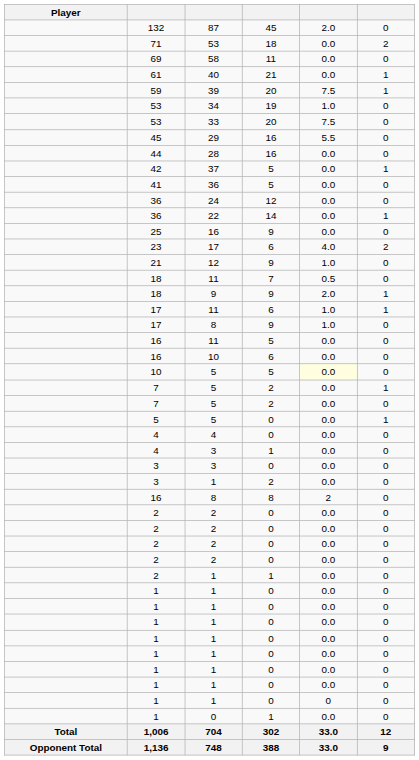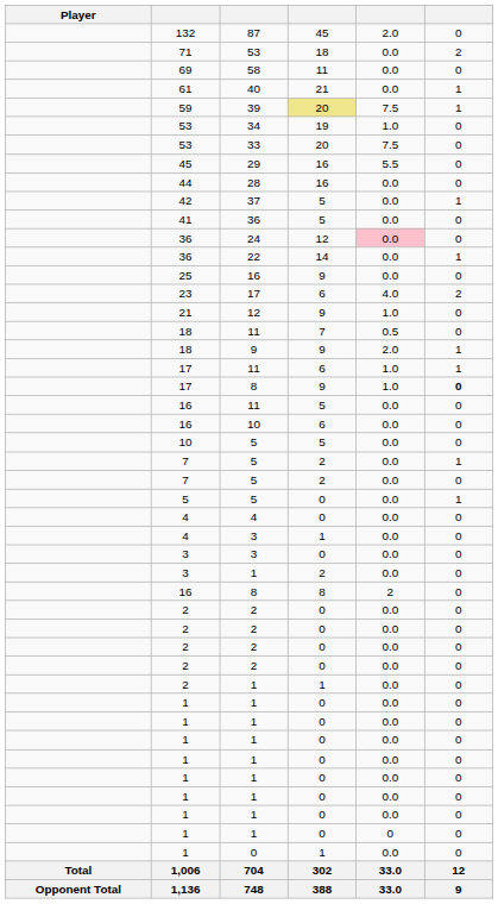 <table class="wikitable sortable" style="text-align:center; width:50%; font-size:95%;">
 <tr>
 <th width="30%">Player</th>
 <th width="14%"></th>
 <th width="14%"></th>
 <th width="14%"></th>
 <th width="14%"></th>
 <th width="14%"></th>
 </tr>
 <tr>
 <td align=left></td>
 <td>132</td>
 <td>87</td>
 <td>45</td>
 <td>2.0</td>
 <td>0</td>
 </tr>
 <tr>
 <td align=left></td>
 <td>71</td>
 <td>53</td>
 <td>18</td>
 <td>0.0</td>
 <td>2</td>
 </tr>
 <tr>
 <td align=left></td>
 <td>69</td>
 <td>58</td>
 <td>11</td>
 <td>0.0</td>
 <td>0</td>
 </tr>
 <tr>
 <td align=left></td>
 <td>61</td>
 <td>40</td>
 <td>21</td>
 <td>0.0</td>
 <td>1</td>
 </tr>
 <tr>
 <td align=left></td>
 <td>59</td>
 <td>39</td>
-<td>20</td>
+<td style="background: khaki;">20</td>
 <td>7.5</td>
 <td>1</td>
 </tr>
 <tr>
 <td align=left></td>
 <td>53</td>
 <td>34</td>
 <td>19</td>
 <td>1.0</td>
 <td>0</td>
 </tr>
 <tr>
 <td align=left></td>
 <td>53</td>
 <td>33</td>
 <td>20</td>
 <td>7.5</td>
 <td>0</td>
 </tr>
 <tr>
 <td align=left></td>
 <td>45</td>
 <td>29</td>
 <td>16</td>
 <td>5.5</td>
 <td>0</td>
 </tr>
 <tr>
 <td align=left></td>
 <td>44</td>
 <td>28</td>
 <td>16</td>
 <td>0.0</td>
 <td>0</td>
 </tr>
 <tr>
 <td align=left></td>
 <td>42</td>
 <td>37</td>
 <td>5</td>
 <td>0.0</td>
 <td>1</td>
 </tr>
 <tr>
 <td align=left></td>
 <td>41</td>
 <td>36</td>
 <td>5</td>
 <td>0.0</td>
 <td>0</td>
 </tr>
 <tr>
 <td align=left></td>
 <td>36</td>
 <td>24</td>
 <td>12</td>
-<td>0.0</td>
+<td style="background: pink;">0.0</td>
 <td>0</td>
 </tr>
 <tr>
 <td align=left></td>
 <td>36</td>
 <td>22</td>
 <td>14</td>
 <td>0.0</td>
 <td>1</td>
 </tr>
 <tr>
 <td align=left></td>
 <td>25</td>
 <td>16</td>
 <td>9</td>
 <td>0.0</td>
 <td>0</td>
 </tr>
 <tr>
 <td align=left></td>
 <td>23</td>
 <td>17</td>
 <td>6</td>
 <td>4.0</td>
 <td>2</td>
 </tr>
 <tr>
 <td align=left></td>
 <td>21</td>
 <td>12</td>
 <td>9</td>
 <td>1.0</td>
 <td>0</td>
 </tr>
 <tr>
 <td align=left></td>
 <td>18</td>
 <td>11</td>
 <td>7</td>
 <td>0.5</td>
 <td>0</td>
 </tr>
 <tr>
 <td align=left></td>
 <td>18</td>
 <td>9</td>
 <td>9</td>
 <td>2.0</td>
 <td>1</td>
 </tr>
 <tr>
 <td align=left></td>
 <td>17</td>
 <td>11</td>
 <td>6</td>
 <td>1.0</td>
 <td>1</td>
 </tr>
 <tr>
 <td align=left></td>
 <td>17</td>
 <td>8</td>
 <td>9</td>
 <td>1.0</td>
-<td>0</td>
+<td><strong>0</strong></td>
 </tr>
 <tr>
 <td align=left></td>
 <td>16</td>
 <td>11</td>
 <td>5</td>
 <td>0.0</td>
 <td>0</td>
 </tr>
 <tr>
 <td align=left></td>
 <td>16</td>
 <td>10</td>
 <td>6</td>
 <td>0.0</td>
 <td>0</td>
 </tr>
 <tr>
 <td align=left></td>
 <td>10</td>
 <td>5</td>
 <td>5</td>
-<td style="background: lightyellow;">0.0</td>
+<td>0.0</td>
 <td>0</td>
 </tr>
 <tr>
 <td align=left></td>
 <td>7</td>
 <td>5</td>
 <td>2</td>
 <td>0.0</td>
 <td>1</td>
 </tr>
 <tr>
 <td align=left></td>
 <td>7</td>
 <td>5</td>
 <td>2</td>
 <td>0.0</td>
 <td>0</td>
 </tr>
 <tr>
 <td align=left></td>
 <td>5</td>
 <td>5</td>
 <td>0</td>
 <td>0.0</td>
 <td>1</td>
 </tr>
 <tr>
 <td align=left></td>
 <td>4</td>
 <td>4</td>
 <td>0</td>
 <td>0.0</td>
 <td>0</td>
 </tr>
 <tr>
 <td align=left></td>
 <td>4</td>
 <td>3</td>
 <td>1</td>
 <td>0.0</td>
 <td>0</td>
 </tr>
 <tr>
 <td align=left></td>
 <td>3</td>
 <td>3</td>
 <td>0</td>
 <td>0.0</td>
 <td>0</td>
 </tr>
 <tr>
 <td align=left></td>
 <td>3</td>
 <td>1</td>
 <td>2</td>
 <td>0.0</td>
 <td>0</td>
 </tr>
 <tr>
 <td align=left></td>
 <td>16</td>
 <td>8</td>
 <td>8</td>
 <td>2</td>
 <td>0</td>
 </tr>
 <tr>
 <td align=left></td>
 <td>2</td>
 <td>2</td>
 <td>0</td>
 <td>0.0</td>
 <td>0</td>
 </tr>
 <tr>
 <td align=left></td>
 <td>2</td>
 <td>2</td>
 <td>0</td>
 <td>0.0</td>
 <td>0</td>
 </tr>
 <tr>
 <td align=left></td>
 <td>2</td>
 <td>2</td>
 <td>0</td>
 <td>0.0</td>
 <td>0</td>
 </tr>
 <tr>
 <td align=left></td>
 <td>2</td>
 <td>2</td>
 <td>0</td>
 <td>0.0</td>
 <td>0</td>
 </tr>
 <tr>
 <td align=left></td>
 <td>2</td>
 <td>1</td>
 <td>1</td>
 <td>0.0</td>
 <td>0</td>
 </tr>
 <tr>
 <td align=left></td>
 <td>1</td>
 <td>1</td>
 <td>0</td>
 <td>0.0</td>
 <td>0</td>
 </tr>
 <tr>
 <td align=left></td>
 <td>1</td>
 <td>1</td>
 <td>0</td>
 <td>0.0</td>
 <td>0</td>
 </tr>
 <tr>
 <td align=left></td>
 <td>1</td>
 <td>1</td>
 <td>0</td>
 <td>0.0</td>
 <td>0</td>
 </tr>
 <tr>
 <td align=left></td>
 <td>1</td>
 <td>1</td>
 <td>0</td>
 <td>0.0</td>
 <td>0</td>
 </tr>
 <tr>
 <td align=left></td>
 <td>1</td>
 <td>1</td>
 <td>0</td>
 <td>0.0</td>
 <td>0</td>
 </tr>
 <tr>
 <td align=left></td>
 <td>1</td>
 <td>1</td>
 <td>0</td>
 <td>0.0</td>
 <td>0</td>
 </tr>
 <tr>
 <td align=left></td>
 <td>1</td>
 <td>1</td>
 <td>0</td>
 <td>0.0</td>
 <td>0</td>
 </tr>
 <tr>
 <td align=left></td>
 <td>1</td>
 <td>1</td>
 <td>0</td>
 <td>0</td>
 <td>0</td>
 </tr>
 <tr>
 <td align=left></td>
 <td>1</td>
 <td>0</td>
 <td>1</td>
 <td>0.0</td>
 <td>0</td>
 </tr>
 <tr>
 <th>Total</th>
 <th>1,006</th>
 <th>704</th>
 <th>302</th>
 <th>33.0</th>
 <th>12</th>
 </tr>
 <tr>
 <th>Opponent Total</th>
 <th>1,136</th>
 <th>748</th>
 <th>388</th>
 <th>33.0</th>
 <th>9</th>
 </tr>
 </table>
